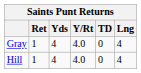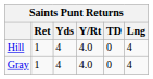 <table class="wikitable">
 <tr>
 <th colspan="6">Saints Punt Returns</th>
 </tr>
 <tr>
 <th></th>
 <th>Ret</th>
 <th>Yds</th>
 <th>Y/Rt</th>
 <th>TD</th>
 <th>Lng</th>
 </tr>
 <tr>
+<td><a href='#'>Hill</a></td>
+<td>1</td>
+<td>4</td>
+<td>4.0</td>
+<td>0</td>
+<td>4</td>
+</tr>
+<tr>
 <td><a href='#'>Gray</a></td>
 <td>1</td>
 <td>4</td>
 <td>4.0</td>
 <td>0</td>
 <td>4</td>
 </tr>
-<tr>
-<td><a href='#'>Hill</a></td>
-<td>1</td>
-<td>4</td>
-<td>4.0</td>
-<td>0</td>
-<td>4</td>
-</tr>
 </table>
